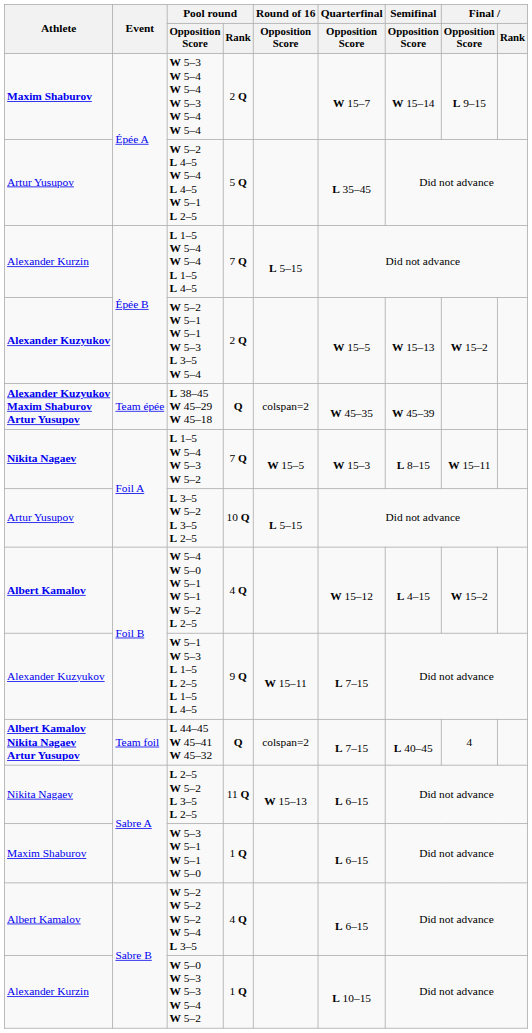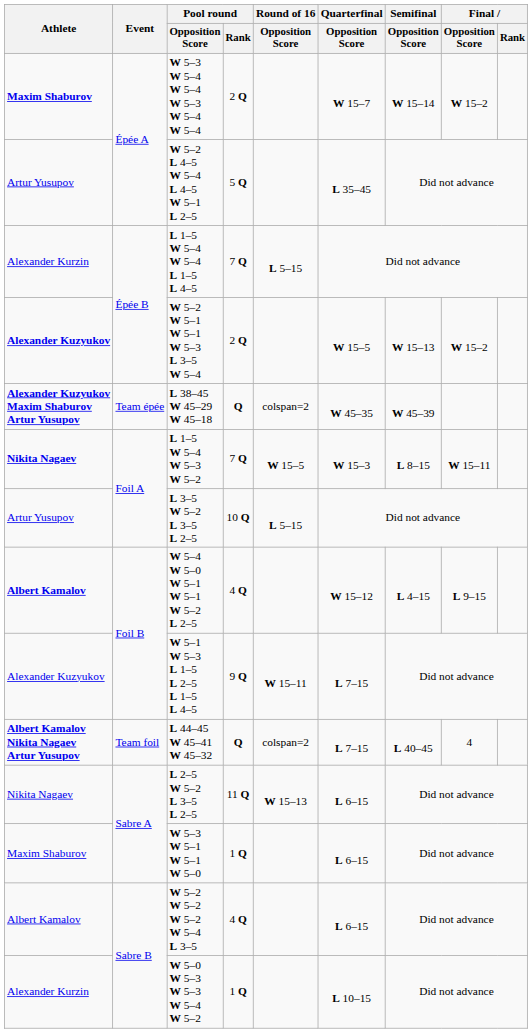 <table class="wikitable" style="text-align:center; font-size:90%">
 <tr>
 <th rowspan=2>Athlete</th>
 <th rowspan=2>Event</th>
 <th colspan=2>Pool round</th>
 <th>Round of 16</th>
 <th>Quarterfinal</th>
 <th>Semifinal</th>
 <th colspan=2>Final / </th>
 </tr>
 <tr style="font-size:95%">
 <th>Opposition<br>Score</th>
 <th>Rank</th>
 <th>Opposition<br>Score</th>
 <th>Opposition<br>Score</th>
 <th>Opposition<br>Score</th>
 <th>Opposition<br>Score</th>
 <th>Rank</th>
 </tr>
 <tr>
 <td align=left><strong><a href='#'>Maxim Shaburov</a></strong></td>
 <td rowspan=2 align=left><a href='#'>Épée A</a></td>
 <td align=left> <strong>W</strong> 5–3<br> <strong>W</strong> 5–4<br> <strong>W</strong> 5–4<br> <strong>W</strong> 5–3<br> <strong>W</strong> 5–4<br> <strong>W</strong> 5–4</td>
 <td>2 <strong>Q</strong></td>
 <td></td>
 <td><br><strong>W</strong> 15–7</td>
 <td><br><strong>W</strong> 15–14</td>
-<td><br><strong>L</strong> 9–15</td>
+<td><br><strong>W</strong> 15–2</td>
 <td></td>
 </tr>
 <tr>
 <td align=left><a href='#'>Artur Yusupov</a></td>
 <td align=left> <strong>W</strong> 5–2<br> <strong>L</strong> 4–5<br> <strong>W</strong> 5–4<br> <strong>L</strong> 4–5<br> <strong>W</strong> 5–1<br> <strong>L</strong> 2–5</td>
 <td>5 <strong>Q</strong></td>
 <td></td>
 <td><br><strong>L</strong> 35–45</td>
 <td colspan=3>Did not advance</td>
 </tr>
 <tr>
 <td align=left><a href='#'>Alexander Kurzin</a></td>
 <td rowspan=2 align=left><a href='#'>Épée B</a></td>
 <td align=left> <strong>L</strong> 1–5<br> <strong>W</strong> 5–4<br> <strong>W</strong> 5–4<br> <strong>L</strong> 1–5<br> <strong>L</strong> 4–5</td>
 <td>7 <strong>Q</strong></td>
 <td><br><strong>L</strong> 5–15</td>
 <td colspan=4>Did not advance</td>
 </tr>
 <tr>
 <td align=left><strong><a href='#'>Alexander Kuzyukov</a></strong></td>
 <td align=left> <strong>W</strong> 5–2<br> <strong>W</strong> 5–1<br> <strong>W</strong> 5–1<br> <strong>W</strong> 5–3<br> <strong>L</strong> 3–5<br> <strong>W</strong> 5–4</td>
 <td>2 <strong>Q</strong></td>
 <td></td>
 <td><br><strong>W</strong> 15–5</td>
 <td><br><strong>W</strong> 15–13</td>
 <td><br><strong>W</strong> 15–2</td>
 <td></td>
 </tr>
 <tr>
 <td align=left><strong><a href='#'>Alexander Kuzyukov</a><br><a href='#'>Maxim Shaburov</a><br><a href='#'>Artur Yusupov</a></strong></td>
 <td align=left><a href='#'>Team épée</a></td>
 <td align=left> <strong>L</strong> 38–45<br> <strong>W</strong> 45–29<br> <strong>W</strong> 45–18</td>
 <td><strong>Q</strong></td>
 <td>colspan=2 </td>
 <td><br><strong>W</strong> 45–35</td>
 <td><br><strong>W</strong> 45–39</td>
 <td></td>
 </tr>
 <tr>
 <td align=left><strong><a href='#'>Nikita Nagaev</a></strong></td>
 <td rowspan=2 align=left><a href='#'>Foil A</a></td>
 <td align=left> <strong>L</strong> 1–5<br> <strong>W</strong> 5–4<br> <strong>W</strong> 5–3<br> <strong>W</strong> 5–2</td>
 <td>7 <strong>Q</strong></td>
 <td><br><strong>W</strong> 15–5</td>
 <td><br><strong>W</strong> 15–3</td>
 <td><br><strong>L</strong> 8–15</td>
 <td><br><strong>W</strong> 15–11</td>
 <td></td>
 </tr>
 <tr>
 <td align=left><a href='#'>Artur Yusupov</a></td>
 <td align=left> <strong>L</strong> 3–5<br> <strong>W</strong> 5–2<br> <strong>L</strong> 3–5<br> <strong>L</strong> 2–5</td>
 <td>10 <strong>Q</strong></td>
 <td><br><strong>L</strong> 5–15</td>
 <td colspan=4>Did not advance</td>
 </tr>
 <tr>
 <td align=left><strong><a href='#'>Albert Kamalov</a></strong></td>
 <td rowspan=2 align=left><a href='#'>Foil B</a></td>
 <td align=left> <strong>W</strong> 5–4<br> <strong>W</strong> 5–0<br> <strong>W</strong> 5–1<br> <strong>W</strong> 5–1<br> <strong>W</strong> 5–2<br> <strong>L</strong> 2–5</td>
 <td>4 <strong>Q</strong></td>
 <td></td>
 <td><br><strong>W</strong> 15–12</td>
 <td><br><strong>L</strong> 4–15</td>
-<td><br><strong>W</strong> 15–2</td>
+<td><br><strong>L</strong> 9–15</td>
 <td></td>
 </tr>
 <tr>
 <td align=left><a href='#'>Alexander Kuzyukov</a></td>
 <td align=left> <strong>W</strong> 5–1<br> <strong>W</strong> 5–3<br> <strong>L</strong> 1–5<br> <strong>L</strong> 2–5<br> <strong>L</strong> 1–5<br> <strong>L</strong> 4–5</td>
 <td>9 <strong>Q</strong></td>
 <td><br><strong>W</strong> 15–11</td>
 <td><br><strong>L</strong> 7–15</td>
 <td colspan=3>Did not advance</td>
 </tr>
 <tr>
 <td align=left><strong><a href='#'>Albert Kamalov</a><br><a href='#'>Nikita Nagaev</a><br><a href='#'>Artur Yusupov</a></strong></td>
 <td align=left><a href='#'>Team foil</a></td>
 <td align=left> <strong>L</strong> 44–45<br> <strong>W</strong> 45–41<br> <strong>W</strong> 45–32</td>
 <td><strong>Q</strong></td>
 <td>colspan=2 </td>
 <td><br><strong>L</strong> 7–15</td>
 <td><br><strong>L</strong> 40–45</td>
 <td>4</td>
 </tr>
 <tr>
 <td align=left><a href='#'>Nikita Nagaev</a></td>
 <td rowspan=2 align=left><a href='#'>Sabre A</a></td>
 <td align=left> <strong>L</strong> 2–5<br> <strong>W</strong> 5–2<br> <strong>L</strong> 3–5<br> <strong>L</strong> 2–5</td>
 <td>11 <strong>Q</strong></td>
 <td><br><strong>W</strong> 15–13</td>
 <td><br><strong>L</strong> 6–15</td>
 <td colspan=3>Did not advance</td>
 </tr>
 <tr>
 <td align=left><a href='#'>Maxim Shaburov</a></td>
 <td align=left> <strong>W</strong> 5–3<br> <strong>W</strong> 5–1<br> <strong>W</strong> 5–1<br> <strong>W</strong> 5–0</td>
 <td>1 <strong>Q</strong></td>
 <td></td>
 <td><br><strong>L</strong> 6–15</td>
 <td colspan=3>Did not advance</td>
 </tr>
 <tr>
 <td align=left><a href='#'>Albert Kamalov</a></td>
 <td rowspan=2 align=left><a href='#'>Sabre B</a></td>
 <td align=left> <strong>W</strong> 5–2<br> <strong>W</strong> 5–2<br> <strong>W</strong> 5–2<br> <strong>W</strong> 5–4<br> <strong>L</strong> 3–5</td>
 <td>4 <strong>Q</strong></td>
 <td></td>
 <td><br><strong>L</strong> 6–15</td>
 <td colspan=3>Did not advance</td>
 </tr>
 <tr>
 <td align=left><a href='#'>Alexander Kurzin</a></td>
 <td align=left> <strong>W</strong> 5–0<br> <strong>W</strong> 5–3<br> <strong>W</strong> 5–3<br> <strong>W</strong> 5–4<br> <strong>W</strong> 5–2</td>
 <td>1 <strong>Q</strong></td>
 <td></td>
 <td><br><strong>L</strong> 10–15</td>
 <td colspan=3>Did not advance</td>
 </tr>
 </table>
